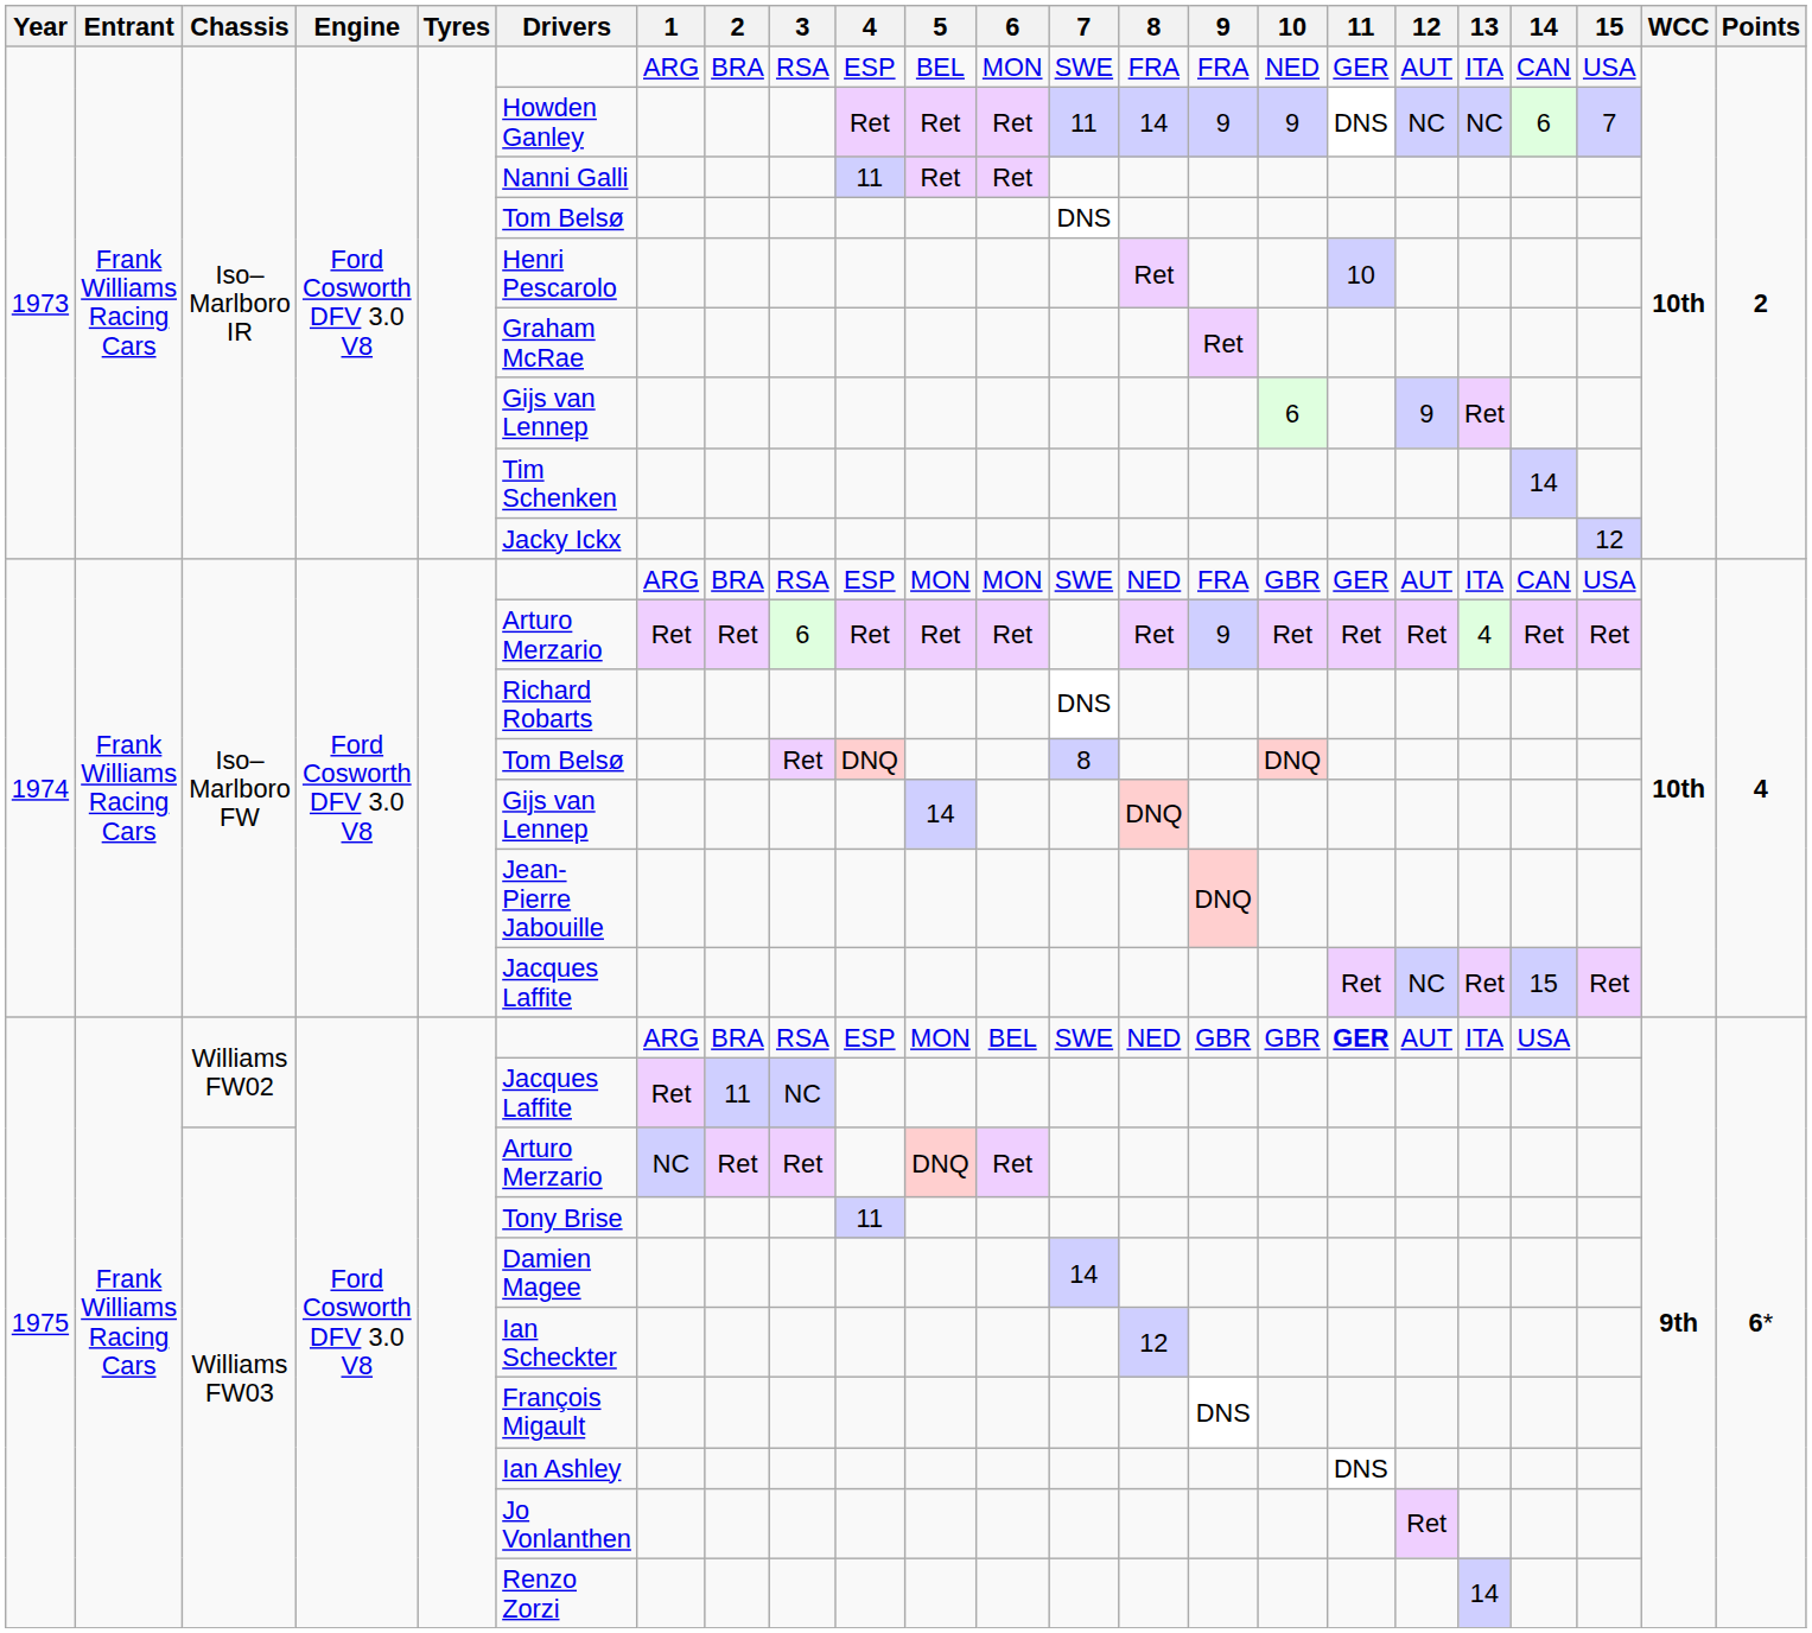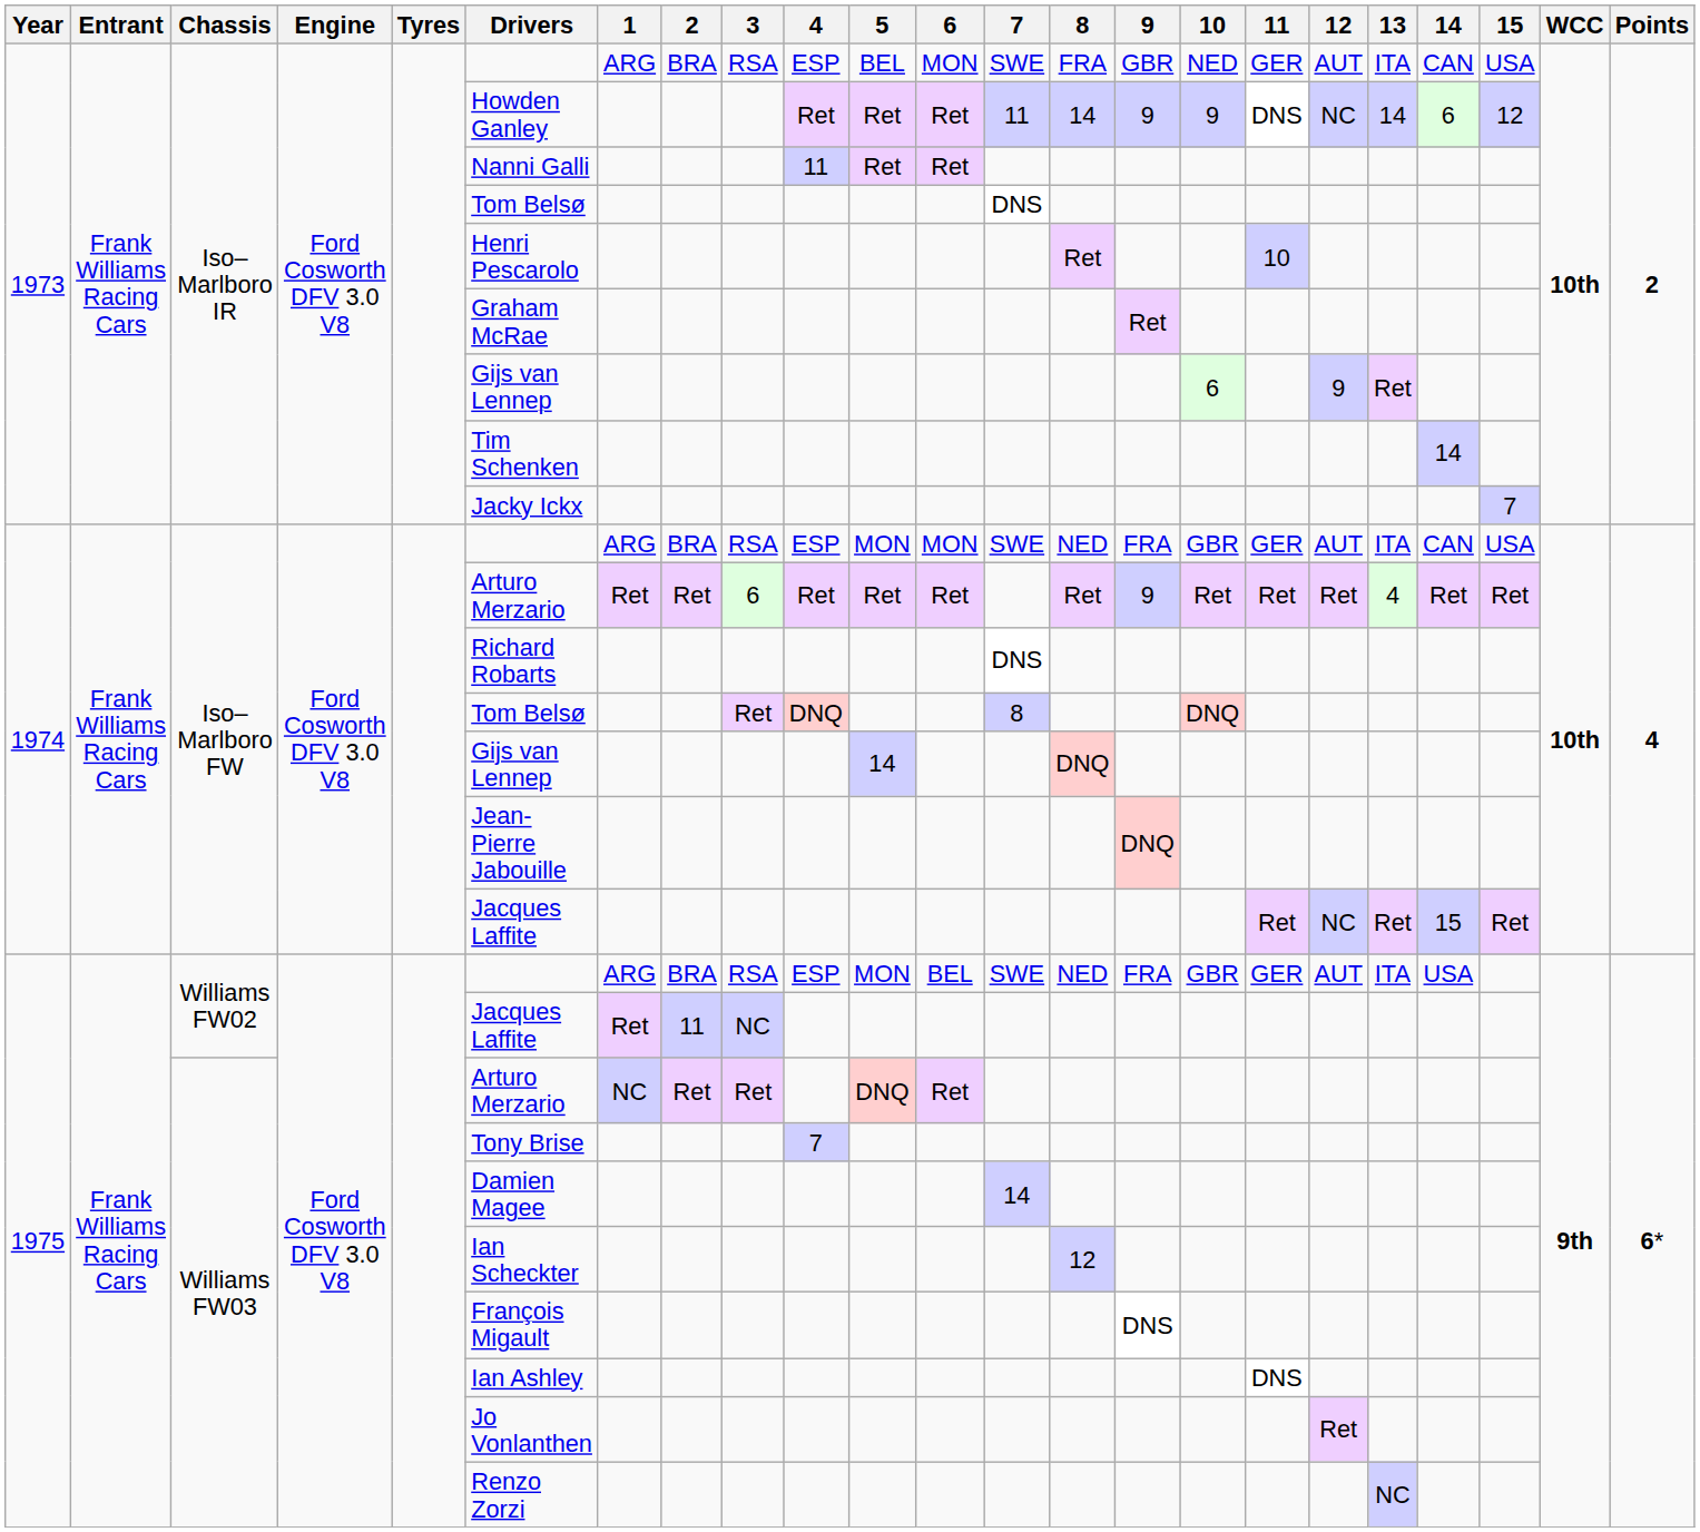 <table class="wikitable" style="text-align:center; font-size:95%">
 <tr>
 <th>Year</th>
 <th>Entrant</th>
 <th>Chassis</th>
 <th>Engine</th>
 <th>Tyres</th>
 <th>Drivers</th>
 <th>1</th>
 <th>2</th>
 <th>3</th>
 <th>4</th>
 <th>5</th>
 <th>6</th>
 <th>7</th>
 <th>8</th>
 <th>9</th>
 <th>10</th>
 <th>11</th>
 <th>12</th>
 <th>13</th>
 <th>14</th>
 <th>15</th>
 <th>WCC</th>
 <th>Points</th>
 </tr>
 <tr>
 <td rowspan="9"><a href='#'>1973</a></td>
 <td rowspan="9"><a href='#'>Frank Williams Racing Cars</a></td>
 <td rowspan="9">Iso–Marlboro IR</td>
 <td rowspan="9"><a href='#'>Ford</a> <a href='#'>Cosworth DFV</a> 3.0 <a href='#'>V8</a></td>
 <td rowspan="9"></td>
 <td></td>
 <td><a href='#'>ARG</a></td>
 <td><a href='#'>BRA</a></td>
 <td><a href='#'>RSA</a></td>
 <td><a href='#'>ESP</a></td>
 <td><a href='#'>BEL</a></td>
 <td><a href='#'>MON</a></td>
 <td><a href='#'>SWE</a></td>
 <td><a href='#'>FRA</a></td>
-<td><a href='#'>FRA</a></td>
+<td><a href='#'>GBR</a></td>
 <td><a href='#'>NED</a></td>
 <td><a href='#'>GER</a></td>
 <td><a href='#'>AUT</a></td>
 <td><a href='#'>ITA</a></td>
 <td><a href='#'>CAN</a></td>
 <td><a href='#'>USA</a></td>
 <td rowspan="9"><strong>10th</strong></td>
 <td rowspan="9"><strong>2</strong></td>
 </tr>
 <tr>
 <td align="left"><a href='#'>Howden Ganley</a></td>
 <td></td>
 <td></td>
 <td></td>
 <td style="background:#EFCFFF;">Ret</td>
 <td style="background:#EFCFFF;">Ret</td>
 <td style="background:#EFCFFF;">Ret</td>
 <td style="background:#CFCFFF;">11</td>
 <td style="background:#CFCFFF;">14</td>
 <td style="background:#CFCFFF;">9</td>
 <td style="background:#CFCFFF;">9</td>
 <td style="background:#FFFFFF;">DNS</td>
 <td style="background:#CFCFFF;">NC</td>
-<td style="background:#CFCFFF;">NC</td>
+<td style="background:#CFCFFF;">14</td>
 <td style="background:#DFFFDF;">6</td>
-<td style="background:#CFCFFF;">7</td>
+<td style="background:#CFCFFF;">12</td>
 </tr>
 <tr>
 <td align="left"><a href='#'>Nanni Galli</a></td>
 <td></td>
 <td></td>
 <td></td>
 <td style="background:#CFCFFF;">11</td>
 <td style="background:#EFCFFF;">Ret</td>
 <td style="background:#EFCFFF;">Ret</td>
 <td></td>
 <td></td>
 <td></td>
 <td></td>
 <td></td>
 <td></td>
 <td></td>
 <td></td>
 <td></td>
 </tr>
 <tr>
 <td align="left"><a href='#'>Tom Belsø</a></td>
 <td></td>
 <td></td>
 <td></td>
 <td></td>
 <td></td>
 <td></td>
 <td style="background:#FFFFFF;">DNS</td>
 <td></td>
 <td></td>
 <td></td>
 <td></td>
 <td></td>
 <td></td>
 <td></td>
 <td></td>
 </tr>
 <tr>
 <td align="left"><a href='#'>Henri Pescarolo</a></td>
 <td></td>
 <td></td>
 <td></td>
 <td></td>
 <td></td>
 <td></td>
 <td></td>
 <td style="background:#EFCFFF;">Ret</td>
 <td></td>
 <td></td>
 <td style="background:#CFCFFF;">10</td>
 <td></td>
 <td></td>
 <td></td>
 <td></td>
 </tr>
 <tr>
 <td align="left"><a href='#'>Graham McRae</a></td>
 <td></td>
 <td></td>
 <td></td>
 <td></td>
 <td></td>
 <td></td>
 <td></td>
 <td></td>
 <td style="background:#EFCFFF;">Ret</td>
 <td></td>
 <td></td>
 <td></td>
 <td></td>
 <td></td>
 <td></td>
 </tr>
 <tr>
 <td align="left"><a href='#'>Gijs van Lennep</a></td>
 <td></td>
 <td></td>
 <td></td>
 <td></td>
 <td></td>
 <td></td>
 <td></td>
 <td></td>
 <td></td>
 <td style="background:#DFFFDF;">6</td>
 <td></td>
 <td style="background:#CFCFFF;">9</td>
 <td style="background:#EFCFFF;">Ret</td>
 <td></td>
 <td></td>
 </tr>
 <tr>
 <td align="left"><a href='#'>Tim Schenken</a></td>
 <td></td>
 <td></td>
 <td></td>
 <td></td>
 <td></td>
 <td></td>
 <td></td>
 <td></td>
 <td></td>
 <td></td>
 <td></td>
 <td></td>
 <td></td>
 <td style="background:#CFCFFF;">14</td>
 <td></td>
 </tr>
 <tr>
 <td align="left"><a href='#'>Jacky Ickx</a></td>
 <td></td>
 <td></td>
 <td></td>
 <td></td>
 <td></td>
 <td></td>
 <td></td>
 <td></td>
 <td></td>
 <td></td>
 <td></td>
 <td></td>
 <td></td>
 <td></td>
-<td style="background:#CFCFFF;">12</td>
+<td style="background:#CFCFFF;">7</td>
 </tr>
 <tr>
 <td rowspan="7"><a href='#'>1974</a></td>
 <td rowspan="7"><a href='#'>Frank Williams Racing Cars</a></td>
 <td rowspan="7">Iso–Marlboro FW</td>
 <td rowspan="7"><a href='#'>Ford</a> <a href='#'>Cosworth DFV</a> 3.0 <a href='#'>V8</a></td>
 <td rowspan="7"></td>
 <td></td>
 <td><a href='#'>ARG</a></td>
 <td><a href='#'>BRA</a></td>
 <td><a href='#'>RSA</a></td>
 <td><a href='#'>ESP</a></td>
 <td><a href='#'>MON</a></td>
 <td><a href='#'>MON</a></td>
 <td><a href='#'>SWE</a></td>
 <td><a href='#'>NED</a></td>
 <td><a href='#'>FRA</a></td>
 <td><a href='#'>GBR</a></td>
 <td><a href='#'>GER</a></td>
 <td><a href='#'>AUT</a></td>
 <td><a href='#'>ITA</a></td>
 <td><a href='#'>CAN</a></td>
 <td><a href='#'>USA</a></td>
 <td rowspan="7"><strong>10th</strong></td>
 <td rowspan="7"><strong>4</strong></td>
 </tr>
 <tr>
 <td align="left"><a href='#'>Arturo Merzario</a></td>
 <td style="background:#EFCFFF;">Ret</td>
 <td style="background:#EFCFFF;">Ret</td>
 <td style="background:#DFFFDF;">6</td>
 <td style="background:#EFCFFF;">Ret</td>
 <td style="background:#EFCFFF;">Ret</td>
 <td style="background:#EFCFFF;">Ret</td>
 <td></td>
 <td style="background:#EFCFFF;">Ret</td>
 <td style="background:#CFCFFF;">9</td>
 <td style="background:#EFCFFF;">Ret</td>
 <td style="background:#EFCFFF;">Ret</td>
 <td style="background:#EFCFFF;">Ret</td>
 <td style="background:#DFFFDF;">4</td>
 <td style="background:#EFCFFF;">Ret</td>
 <td style="background:#EFCFFF;">Ret</td>
 </tr>
 <tr>
 <td align="left"><a href='#'>Richard Robarts</a></td>
 <td></td>
 <td></td>
 <td></td>
 <td></td>
 <td></td>
 <td></td>
 <td style="background:#FFFFFF;">DNS</td>
 <td></td>
 <td></td>
 <td></td>
 <td></td>
 <td></td>
 <td></td>
 <td></td>
 <td></td>
 </tr>
 <tr>
 <td align="left"><a href='#'>Tom Belsø</a></td>
 <td></td>
 <td></td>
 <td style="background:#EFCFFF;">Ret</td>
 <td style="background:#FFCFCF;">DNQ</td>
 <td></td>
 <td></td>
 <td style="background:#CFCFFF;">8</td>
 <td></td>
 <td></td>
 <td style="background:#FFCFCF;">DNQ</td>
 <td></td>
 <td></td>
 <td></td>
 <td></td>
 <td></td>
 </tr>
 <tr>
 <td align="left"><a href='#'>Gijs van Lennep</a></td>
 <td></td>
 <td></td>
 <td></td>
 <td></td>
 <td style="background:#CFCFFF;">14</td>
 <td></td>
 <td></td>
 <td style="background:#FFCFCF;">DNQ</td>
 <td></td>
 <td></td>
 <td></td>
 <td></td>
 <td></td>
 <td></td>
 <td></td>
 </tr>
 <tr>
 <td align="left"><a href='#'>Jean-Pierre Jabouille</a></td>
 <td></td>
 <td></td>
 <td></td>
 <td></td>
 <td></td>
 <td></td>
 <td></td>
 <td></td>
 <td style="background:#FFCFCF;">DNQ</td>
 <td></td>
 <td></td>
 <td></td>
 <td></td>
 <td></td>
 <td></td>
 </tr>
 <tr>
 <td align="left"><a href='#'>Jacques Laffite</a></td>
 <td></td>
 <td></td>
 <td></td>
 <td></td>
 <td></td>
 <td></td>
 <td></td>
 <td></td>
 <td></td>
 <td></td>
 <td style="background:#EFCFFF;">Ret</td>
 <td style="background:#CFCFFF;">NC</td>
 <td style="background:#EFCFFF;">Ret</td>
 <td style="background:#CFCFFF;">15</td>
 <td style="background:#EFCFFF;">Ret</td>
 </tr>
 <tr>
 <td rowspan="10"><a href='#'>1975</a></td>
 <td rowspan="10"><a href='#'>Frank Williams Racing Cars</a></td>
 <td rowspan="2">Williams FW02</td>
 <td rowspan="10"><a href='#'>Ford</a> <a href='#'>Cosworth DFV</a> 3.0 <a href='#'>V8</a></td>
 <td rowspan="10"></td>
 <td></td>
 <td><a href='#'>ARG</a></td>
 <td><a href='#'>BRA</a></td>
 <td><a href='#'>RSA</a></td>
 <td><a href='#'>ESP</a></td>
 <td><a href='#'>MON</a></td>
 <td><a href='#'>BEL</a></td>
 <td><a href='#'>SWE</a></td>
 <td><a href='#'>NED</a></td>
+<td><a href='#'>FRA</a></td>
 <td><a href='#'>GBR</a></td>
-<td><a href='#'>GBR</a></td>
-<td><strong><a href='#'>GER</a></strong></td>
+<td><a href='#'>GER</a></td>
 <td><a href='#'>AUT</a></td>
 <td><a href='#'>ITA</a></td>
 <td><a href='#'>USA</a></td>
 <td></td>
 <td rowspan="10"><strong>9th</strong></td>
 <td rowspan="10"><strong>6</strong>*</td>
 </tr>
 <tr>
 <td align="left"><a href='#'>Jacques Laffite</a></td>
 <td style="background:#EFCFFF;">Ret</td>
 <td style="background:#CFCFFF;">11</td>
 <td style="background:#CFCFFF;">NC</td>
 <td></td>
 <td></td>
 <td></td>
 <td></td>
 <td></td>
 <td></td>
 <td></td>
 <td></td>
 <td></td>
 <td></td>
 <td></td>
 <td></td>
 </tr>
 <tr>
 <td rowspan="8">Williams FW03</td>
 <td align="left"><a href='#'>Arturo Merzario</a></td>
 <td style="background:#CFCFFF;">NC</td>
 <td style="background:#EFCFFF;">Ret</td>
 <td style="background:#EFCFFF;">Ret</td>
 <td></td>
 <td style="background:#FFCFCF;">DNQ</td>
 <td style="background:#EFCFFF;">Ret</td>
 <td></td>
 <td></td>
 <td></td>
 <td></td>
 <td></td>
 <td></td>
 <td></td>
 <td></td>
 <td></td>
 </tr>
 <tr>
 <td align="left"><a href='#'>Tony Brise</a></td>
 <td></td>
 <td></td>
 <td></td>
-<td style="background:#CFCFFF;">11</td>
+<td style="background:#CFCFFF;">7</td>
 <td></td>
 <td></td>
 <td></td>
 <td></td>
 <td></td>
 <td></td>
 <td></td>
 <td></td>
 <td></td>
 <td></td>
 <td></td>
 </tr>
 <tr>
 <td align="left"><a href='#'>Damien Magee</a></td>
 <td></td>
 <td></td>
 <td></td>
 <td></td>
 <td></td>
 <td></td>
 <td style="background:#CFCFFF;">14</td>
 <td></td>
 <td></td>
 <td></td>
 <td></td>
 <td></td>
 <td></td>
 <td></td>
 <td></td>
 </tr>
 <tr>
 <td align="left"><a href='#'>Ian Scheckter</a></td>
 <td></td>
 <td></td>
 <td></td>
 <td></td>
 <td></td>
 <td></td>
 <td></td>
 <td style="background:#CFCFFF;">12</td>
 <td></td>
 <td></td>
 <td></td>
 <td></td>
 <td></td>
 <td></td>
 <td></td>
 </tr>
 <tr>
 <td align="left"><a href='#'>François Migault</a></td>
 <td></td>
 <td></td>
 <td></td>
 <td></td>
 <td></td>
 <td></td>
 <td></td>
 <td></td>
 <td style="background:#FFFFFF;">DNS</td>
 <td></td>
 <td></td>
 <td></td>
 <td></td>
 <td></td>
 <td></td>
 </tr>
 <tr>
 <td align="left"><a href='#'>Ian Ashley</a></td>
 <td></td>
 <td></td>
 <td></td>
 <td></td>
 <td></td>
 <td></td>
 <td></td>
 <td></td>
 <td></td>
 <td></td>
 <td style="background:#FFFFFF;">DNS</td>
 <td></td>
 <td></td>
 <td></td>
 <td></td>
 </tr>
 <tr>
 <td align="left"><a href='#'>Jo Vonlanthen</a></td>
 <td></td>
 <td></td>
 <td></td>
 <td></td>
 <td></td>
 <td></td>
 <td></td>
 <td></td>
 <td></td>
 <td></td>
 <td></td>
 <td style="background:#EFCFFF;">Ret</td>
 <td></td>
 <td></td>
 <td></td>
 </tr>
 <tr>
 <td align="left"><a href='#'>Renzo Zorzi</a></td>
 <td></td>
 <td></td>
 <td></td>
 <td></td>
 <td></td>
 <td></td>
 <td></td>
 <td></td>
 <td></td>
 <td></td>
 <td></td>
 <td></td>
-<td style="background:#CFCFFF;">14</td>
+<td style="background:#CFCFFF;">NC</td>
 <td></td>
 <td></td>
 </tr>
 </table>
